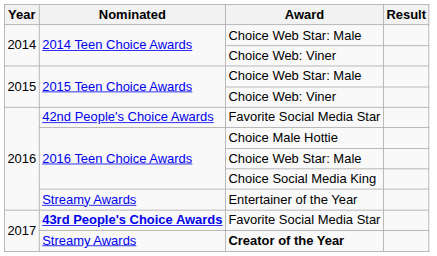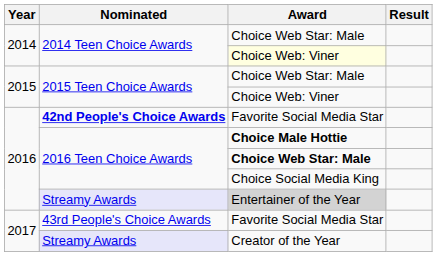 <table class="wikitable sortable">
 <tr>
 <th>Year</th>
 <th>Nominated</th>
 <th>Award</th>
 <th>Result</th>
 </tr>
 <tr>
 <td rowspan=2>2014</td>
 <td rowspan=2><a href='#'>2014 Teen Choice Awards</a></td>
 <td>Choice Web Star: Male</td>
 <td></td>
 </tr>
 <tr>
-<td>Choice Web: Viner</td>
+<td style="background: lightyellow;">Choice Web: Viner</td>
 <td></td>
 </tr>
 <tr>
 <td rowspan=2>2015</td>
 <td rowspan=2><a href='#'>2015 Teen Choice Awards</a></td>
 <td>Choice Web Star: Male</td>
 <td></td>
 </tr>
 <tr>
 <td>Choice Web: Viner</td>
 <td></td>
 </tr>
 <tr>
 <td rowspan="5">2016</td>
-<td><a href='#'>42nd People's Choice Awards</a></td>
+<td><strong><a href='#'>42nd People's Choice Awards</a></strong></td>
 <td>Favorite Social Media Star</td>
 <td></td>
 </tr>
 <tr>
 <td rowspan="3"><a href='#'>2016 Teen Choice Awards</a></td>
-<td>Choice Male Hottie</td>
+<td><strong>Choice Male Hottie</strong></td>
 <td></td>
 </tr>
 <tr>
-<td>Choice Web Star: Male</td>
+<td><strong>Choice Web Star: Male</strong></td>
 <td></td>
 </tr>
 <tr>
 <td>Choice Social Media King</td>
 <td></td>
 </tr>
 <tr>
-<td><a href='#'>Streamy Awards</a></td>
-<td>Entertainer of the Year</td>
+<td style="background: lavender;"><a href='#'>Streamy Awards</a></td>
+<td style="background: lightgrey;">Entertainer of the Year</td>
 <td></td>
 </tr>
 <tr>
 <td rowspan=2>2017</td>
-<td><strong><a href='#'>43rd People's Choice Awards</a></strong></td>
+<td><a href='#'>43rd People's Choice Awards</a></td>
 <td>Favorite Social Media Star</td>
 <td></td>
 </tr>
 <tr>
-<td><a href='#'>Streamy Awards</a></td>
-<td><strong>Creator of the Year</strong></td>
+<td style="background: lavender;"><a href='#'>Streamy Awards</a></td>
+<td>Creator of the Year</td>
 <td></td>
 </tr>
 </table>
